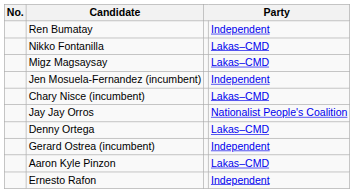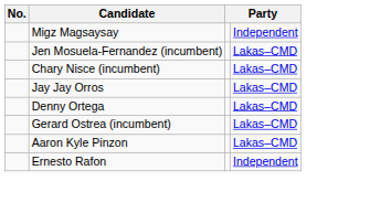 <table class="wikitable sortable" style="text-align:left;">
 <tr>
 <th>No.</th>
 <th>Candidate</th>
 <th colspan="2">Party</th>
 </tr>
 <tr>
 <td></td>
-<td>Ren Bumatay</td>
+<td>Migz Magsaysay</td>
 <td></td>
 <td><a href='#'>Independent</a></td>
 </tr>
 <tr>
 <td></td>
-<td>Nikko Fontanilla</td>
+<td>Jen Mosuela-Fernandez (incumbent)</td>
 <td></td>
 <td><a href='#'>Lakas–CMD</a></td>
-</tr>
-<tr>
-<td></td>
-<td>Migz Magsaysay</td>
-<td></td>
-<td><a href='#'>Lakas–CMD</a></td>
-</tr>
-<tr>
-<td></td>
-<td>Jen Mosuela-Fernandez (incumbent)</td>
-<td></td>
-<td><a href='#'>Independent</a></td>
 </tr>
 <tr>
 <td></td>
 <td>Chary Nisce (incumbent)</td>
 <td></td>
 <td><a href='#'>Lakas–CMD</a></td>
 </tr>
 <tr>
 <td></td>
 <td>Jay Jay Orros</td>
 <td></td>
-<td><a href='#'>Nationalist People's Coalition</a></td>
+<td><a href='#'>Lakas–CMD</a></td>
 </tr>
 <tr>
 <td></td>
 <td>Denny Ortega</td>
 <td></td>
 <td><a href='#'>Lakas–CMD</a></td>
 </tr>
 <tr>
 <td></td>
 <td>Gerard Ostrea (incumbent)</td>
 <td></td>
-<td><a href='#'>Independent</a></td>
+<td><a href='#'>Lakas–CMD</a></td>
 </tr>
 <tr>
 <td></td>
 <td>Aaron Kyle Pinzon</td>
 <td></td>
 <td><a href='#'>Lakas–CMD</a></td>
 </tr>
 <tr>
 <td></td>
 <td>Ernesto Rafon</td>
 <td></td>
 <td><a href='#'>Independent</a></td>
 </tr>
 </table>
